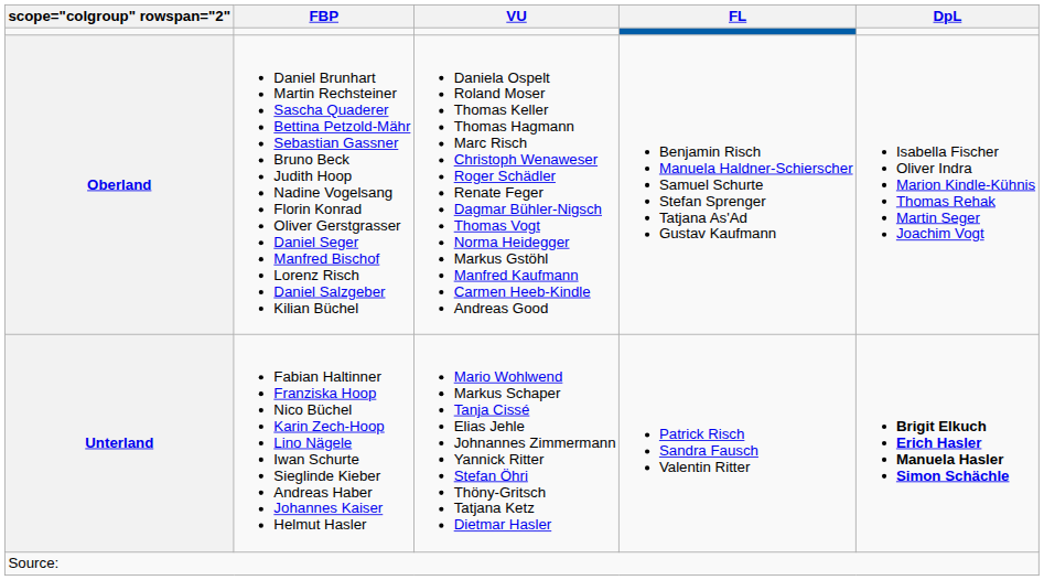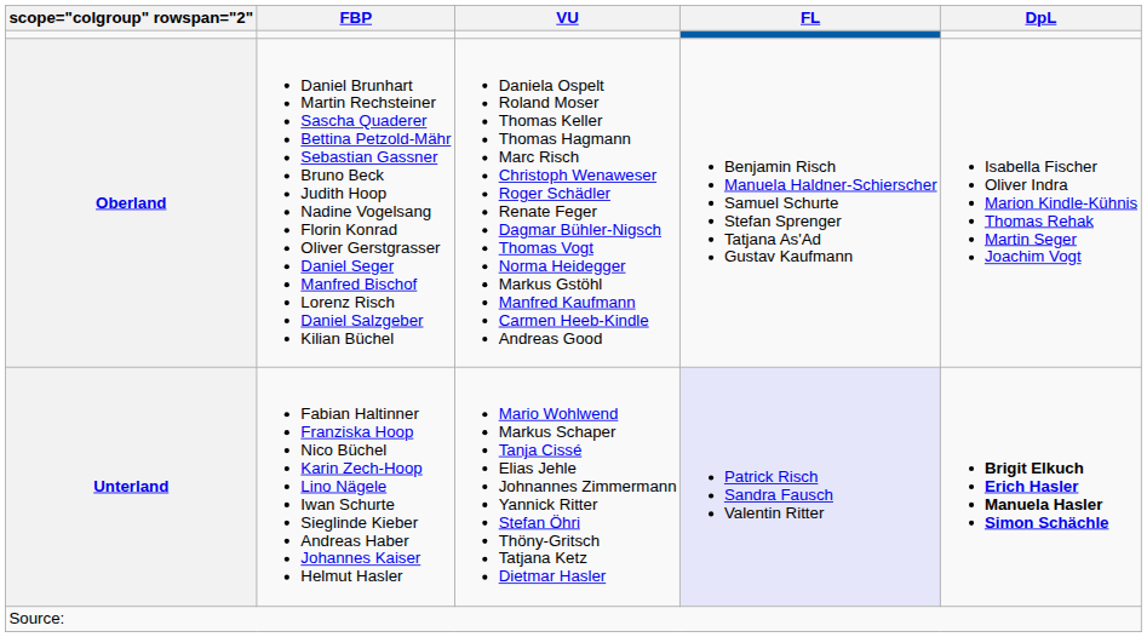 <table class="wikitable">
 <tr>
 <th>scope="colgroup" rowspan="2" </th>
 <th scope="col"><a href='#'>FBP</a></th>
 <th scope="col"><a href='#'>VU</a></th>
 <th scope="col"><a href='#'>FL</a></th>
 <th scope="col"><a href='#'>DpL</a></th>
 </tr>
 <tr>
 <td></td>
 <td></td>
 <td></td>
 <td bgcolor="#005EA8"></td>
 </tr>
 <tr>
 <th scope="row"><a href='#'>Oberland</a></th>
 <td><br><ul><li>Daniel Brunhart</li><li>Martin Rechsteiner</li><li><a href='#'>Sascha Quaderer</a></li><li><a href='#'>Bettina Petzold-Mähr</a></li><li><a href='#'>Sebastian Gassner</a></li><li>Bruno Beck</li><li>Judith Hoop</li><li>Nadine Vogelsang</li><li>Florin Konrad</li><li>Oliver Gerstgrasser</li><li><a href='#'>Daniel Seger</a></li><li><a href='#'>Manfred Bischof</a></li><li>Lorenz Risch</li><li><a href='#'>Daniel Salzgeber</a></li><li>Kilian Büchel</li></ul></td>
 <td><br><ul><li>Daniela Ospelt</li><li>Roland Moser</li><li>Thomas Keller</li><li>Thomas Hagmann</li><li>Marc Risch</li><li><a href='#'>Christoph Wenaweser</a></li><li><a href='#'>Roger Schädler</a></li><li>Renate Feger</li><li><a href='#'>Dagmar Bühler-Nigsch</a></li><li><a href='#'>Thomas Vogt</a></li><li><a href='#'>Norma Heidegger</a></li><li>Markus Gstöhl</li><li><a href='#'>Manfred Kaufmann</a></li><li><a href='#'>Carmen Heeb-Kindle</a></li><li>Andreas Good</li></ul></td>
 <td><br><ul><li>Benjamin Risch</li><li><a href='#'>Manuela Haldner-Schierscher</a></li><li>Samuel Schurte</li><li>Stefan Sprenger</li><li>Tatjana As'Ad</li><li>Gustav Kaufmann</li></ul></td>
 <td><br><ul><li>Isabella Fischer</li><li>Oliver Indra</li><li><a href='#'>Marion Kindle-Kühnis</a></li><li><a href='#'>Thomas Rehak</a></li><li><a href='#'>Martin Seger</a></li><li><a href='#'>Joachim Vogt</a></li></ul></td>
 </tr>
 <tr>
 <th scope="row"><a href='#'>Unterland</a></th>
 <td><br><ul><li>Fabian Haltinner</li><li><a href='#'>Franziska Hoop</a></li><li>Nico Büchel</li><li><a href='#'>Karin Zech-Hoop</a></li><li><a href='#'>Lino Nägele</a></li><li>Iwan Schurte</li><li>Sieglinde Kieber</li><li>Andreas Haber</li><li><a href='#'>Johannes Kaiser</a></li><li>Helmut Hasler</li></ul></td>
 <td><br><ul><li><a href='#'>Mario Wohlwend</a></li><li>Markus Schaper</li><li><a href='#'>Tanja Cissé</a></li><li>Elias Jehle</li><li>Johnannes Zimmermann</li><li>Yannick Ritter</li><li><a href='#'>Stefan Öhri</a></li><li>Thöny-Gritsch</li><li>Tatjana Ketz</li><li><a href='#'>Dietmar Hasler</a></li></ul></td>
-<td><br><ul><li><a href='#'>Patrick Risch</a></li><li><a href='#'>Sandra Fausch</a></li><li>Valentin Ritter</li></ul></td>
+<td style="background: lavender;"><br><ul><li><a href='#'>Patrick Risch</a></li><li><a href='#'>Sandra Fausch</a></li><li>Valentin Ritter</li></ul></td>
 <td><strong><br><ul><li>Brigit Elkuch</li><li><a href='#'>Erich Hasler</a></li><li>Manuela Hasler</li><li><a href='#'>Simon Schächle</a></li></ul></strong></td>
 </tr>
 <tr>
 <td colspan="5">Source: </td>
 </tr>
 </table>
